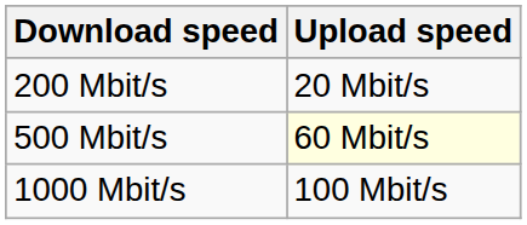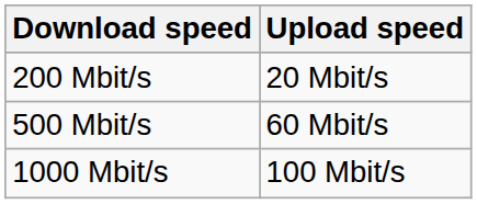 <table class="wikitable">
 <tr>
 <th>Download speed</th>
 <th>Upload speed</th>
 </tr>
 <tr>
 <td>200 Mbit/s</td>
 <td>20 Mbit/s</td>
 </tr>
 <tr>
 <td>500 Mbit/s</td>
-<td style="background: lightyellow;">60 Mbit/s</td>
+<td>60 Mbit/s</td>
 </tr>
 <tr>
 <td>1000 Mbit/s</td>
 <td>100 Mbit/s</td>
 </tr>
 </table>
